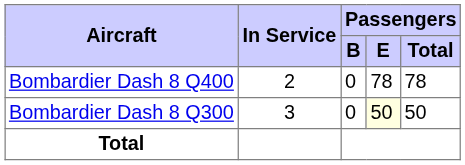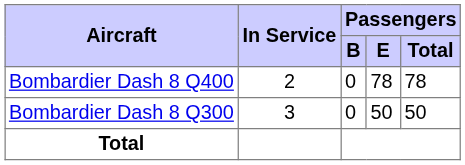 <table class="toccolours" border="1" cellpadding="3" style="margin:1em auto; border-collapse:collapse">
 <tr bgcolor=#ccccff>
 <th rowspan="2">Aircraft</th>
 <th rowspan="2">In Service</th>
 <th colspan="3">Passengers</th>
 </tr>
 <tr bgcolor=#ccccff>
 <th>B</th>
 <th>E</th>
 <th>Total</th>
 </tr>
 <tr>
 <td><a href='#'>Bombardier Dash 8 Q400</a></td>
 <td align="center">2</td>
 <td>0</td>
 <td>78</td>
 <td>78</td>
 </tr>
 <tr>
 <td><a href='#'>Bombardier Dash 8 Q300</a></td>
 <td align="center">3</td>
 <td>0</td>
-<td style="background: lightyellow;">50</td>
+<td>50</td>
 <td>50</td>
 </tr>
 <tr>
 <td align="center"><strong>Total</strong></td>
 <td></td>
 <td colspan="6"></td>
 </tr>
 </table>
